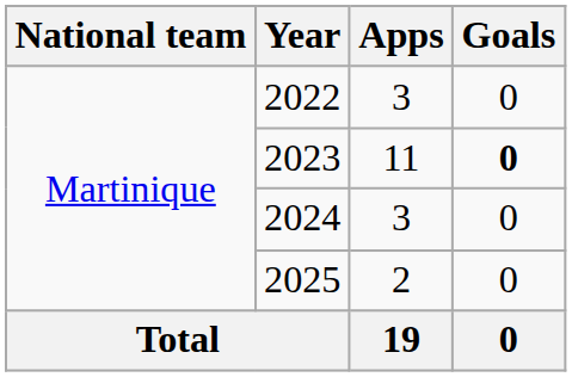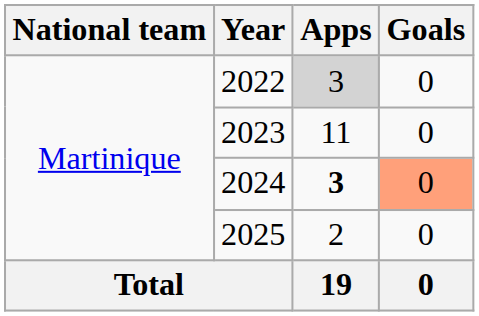 <table class="wikitable" style="text-align:center">
 <tr>
 <th>National team</th>
 <th>Year</th>
 <th>Apps</th>
 <th>Goals</th>
 </tr>
 <tr>
 <td rowspan="4"><a href='#'>Martinique</a></td>
 <td>2022</td>
-<td>3</td>
+<td style="background: lightgrey;">3</td>
 <td>0</td>
 </tr>
 <tr>
 <td>2023</td>
 <td>11</td>
-<td><strong>0</strong></td>
+<td>0</td>
 </tr>
 <tr>
 <td>2024</td>
-<td>3</td>
-<td>0</td>
+<td><strong>3</strong></td>
+<td style="background: lightsalmon;">0</td>
 </tr>
 <tr>
 <td>2025</td>
 <td>2</td>
 <td>0</td>
 </tr>
 <tr>
 <th colspan=2>Total</th>
 <th>19</th>
 <th>0</th>
 </tr>
 </table>
